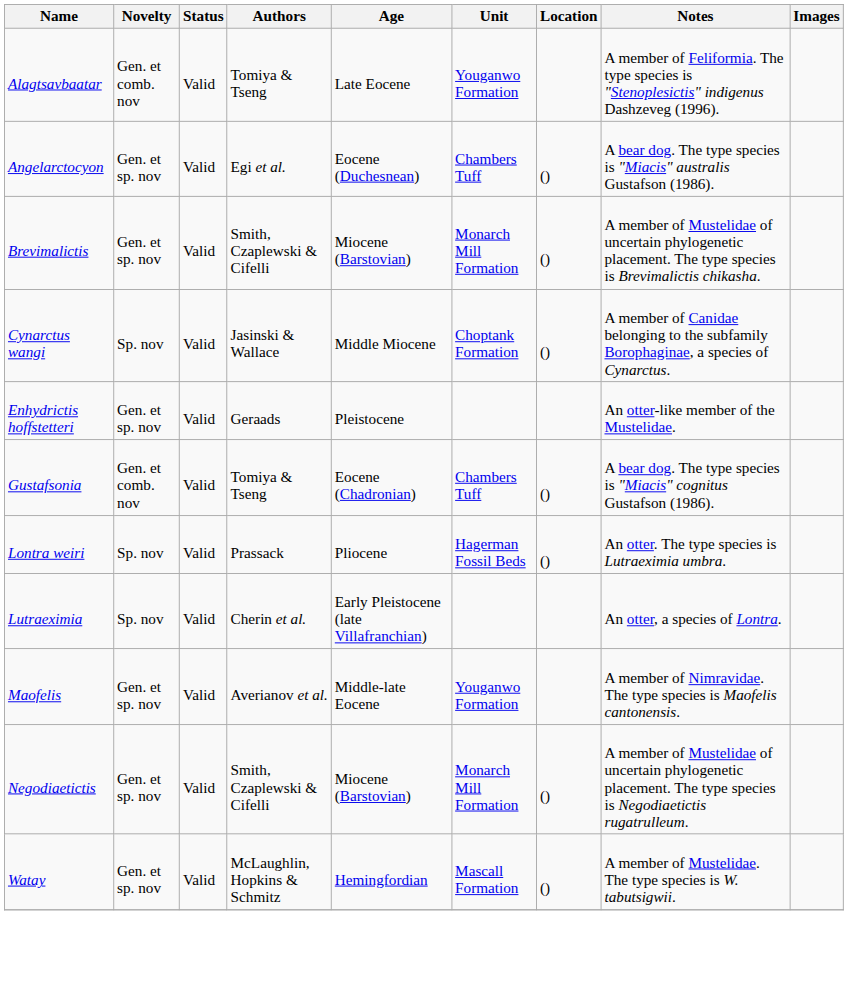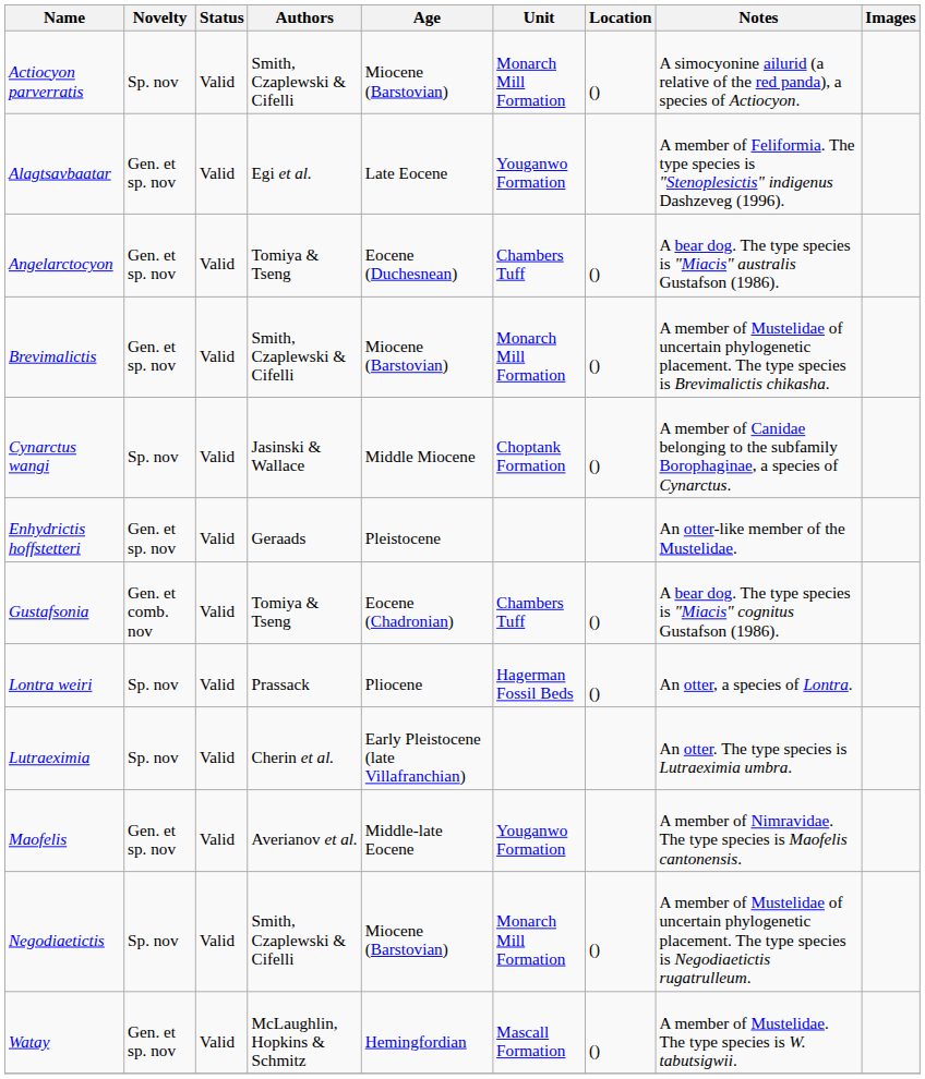 <table class="wikitable sortable" align="center" width="100%">
 <tr>
 <th>Name</th>
 <th>Novelty</th>
 <th>Status</th>
 <th>Authors</th>
 <th>Age</th>
 <th>Unit</th>
 <th>Location</th>
 <th>Notes</th>
 <th>Images</th>
 </tr>
 <tr>
+<td><br><em><a href='#'>Actiocyon parverratis</a></em></td>
+<td><br>Sp. nov</td>
+<td><br>Valid</td>
+<td><br>Smith, Czaplewski & Cifelli</td>
+<td><br>Miocene (<a href='#'>Barstovian</a>)</td>
+<td><br><a href='#'>Monarch Mill Formation</a></td>
+<td><br><br>()</td>
+<td><br>A simocyonine <a href='#'>ailurid</a> (a relative of the <a href='#'>red panda</a>), a species of <em>Actiocyon</em>.</td>
+<td></td>
+</tr>
+<tr>
 <td><br><em><a href='#'>Alagtsavbaatar</a></em></td>
-<td><br>Gen. et comb. nov</td>
+<td><br>Gen. et sp. nov</td>
 <td><br>Valid</td>
-<td><br>Tomiya & Tseng</td>
+<td><br>Egi <em>et al.</em></td>
 <td><br>Late Eocene</td>
 <td><br><a href='#'>Youganwo Formation</a></td>
 <td><br></td>
 <td><br>A member of <a href='#'>Feliformia</a>. The type species is <em>"<a href='#'>Stenoplesictis</a>" indigenus</em> Dashzeveg (1996).</td>
 <td></td>
 </tr>
 <tr>
 <td><br><em><a href='#'>Angelarctocyon</a></em></td>
 <td><br>Gen. et sp. nov</td>
 <td><br>Valid</td>
-<td><br>Egi <em>et al.</em></td>
+<td><br>Tomiya & Tseng</td>
 <td><br>Eocene (<a href='#'>Duchesnean</a>)</td>
 <td><br><a href='#'>Chambers Tuff</a></td>
 <td><br><br>()</td>
 <td><br>A <a href='#'>bear dog</a>. The type species is <em>"<a href='#'>Miacis</a>" australis</em> Gustafson (1986).</td>
 <td></td>
 </tr>
 <tr>
 <td><br><em><a href='#'>Brevimalictis</a></em></td>
 <td><br>Gen. et sp. nov</td>
 <td><br>Valid</td>
 <td><br>Smith, Czaplewski & Cifelli</td>
 <td><br>Miocene (<a href='#'>Barstovian</a>)</td>
 <td><br><a href='#'>Monarch Mill Formation</a></td>
 <td><br><br>()</td>
 <td><br>A member of <a href='#'>Mustelidae</a> of uncertain phylogenetic placement. The type species is <em>Brevimalictis chikasha</em>.</td>
 <td></td>
 </tr>
 <tr>
 <td><br><em><a href='#'>Cynarctus wangi</a></em></td>
 <td><br>Sp. nov</td>
 <td><br>Valid</td>
 <td><br>Jasinski & Wallace</td>
 <td><br>Middle Miocene</td>
 <td><br><a href='#'>Choptank Formation</a></td>
 <td><br><br>()</td>
 <td><br>A member of <a href='#'>Canidae</a> belonging to the subfamily <a href='#'>Borophaginae</a>, a species of <em>Cynarctus</em>.</td>
 <td></td>
 </tr>
 <tr>
 <td><br><em><a href='#'>Enhydrictis hoffstetteri</a></em></td>
 <td><br>Gen. et sp. nov</td>
 <td><br>Valid</td>
 <td><br>Geraads</td>
 <td><br>Pleistocene</td>
 <td></td>
 <td><br></td>
 <td><br>An <a href='#'>otter</a>-like member of the <a href='#'>Mustelidae</a>.</td>
 <td></td>
 </tr>
 <tr>
 <td><br><em><a href='#'>Gustafsonia</a></em></td>
 <td><br>Gen. et comb. nov</td>
 <td><br>Valid</td>
 <td><br>Tomiya & Tseng</td>
 <td><br>Eocene (<a href='#'>Chadronian</a>)</td>
 <td><br><a href='#'>Chambers Tuff</a></td>
 <td><br><br>()</td>
 <td><br>A <a href='#'>bear dog</a>. The type species is <em>"<a href='#'>Miacis</a>" cognitus</em> Gustafson (1986).</td>
 <td></td>
 </tr>
 <tr>
 <td><br><em><a href='#'>Lontra weiri</a></em></td>
 <td><br>Sp. nov</td>
 <td><br>Valid</td>
 <td><br>Prassack</td>
 <td><br>Pliocene</td>
 <td><br><a href='#'>Hagerman Fossil Beds</a></td>
 <td><br><br>()</td>
-<td><br>An <a href='#'>otter</a>. The type species is <em>Lutraeximia umbra</em>.</td>
+<td><br>An <a href='#'>otter</a>, a species of <em><a href='#'>Lontra</a></em>.</td>
 <td></td>
 </tr>
 <tr>
 <td><br><em><a href='#'>Lutraeximia</a></em></td>
 <td><br>Sp. nov</td>
 <td><br>Valid</td>
 <td><br>Cherin <em>et al.</em></td>
 <td><br>Early Pleistocene (late <a href='#'>Villafranchian</a>)</td>
 <td></td>
 <td><br><br> </td>
-<td><br>An <a href='#'>otter</a>, a species of <em><a href='#'>Lontra</a></em>.</td>
+<td><br>An <a href='#'>otter</a>. The type species is <em>Lutraeximia umbra</em>.</td>
 <td></td>
 </tr>
 <tr>
 <td><br><em><a href='#'>Maofelis</a></em></td>
 <td><br>Gen. et sp. nov</td>
 <td><br>Valid</td>
 <td><br>Averianov <em>et al.</em></td>
 <td><br>Middle-late Eocene</td>
 <td><br><a href='#'>Youganwo Formation</a></td>
 <td><br></td>
 <td><br>A member of <a href='#'>Nimravidae</a>. The type species is <em>Maofelis cantonensis</em>.</td>
 <td></td>
 </tr>
 <tr>
 <td><br><em><a href='#'>Negodiaetictis</a></em></td>
-<td><br>Gen. et sp. nov</td>
+<td><br>Sp. nov</td>
 <td><br>Valid</td>
 <td><br>Smith, Czaplewski & Cifelli</td>
 <td><br>Miocene (<a href='#'>Barstovian</a>)</td>
 <td><br><a href='#'>Monarch Mill Formation</a></td>
 <td><br><br>()</td>
 <td><br>A member of <a href='#'>Mustelidae</a> of uncertain phylogenetic placement. The type species is <em>Negodiaetictis rugatrulleum</em>.</td>
 <td></td>
 </tr>
 <tr>
 <td><br><em><a href='#'>Watay</a></em></td>
 <td><br>Gen. et sp. nov</td>
 <td><br>Valid</td>
 <td><br>McLaughlin, Hopkins & Schmitz</td>
 <td><br><a href='#'>Hemingfordian</a></td>
 <td><br><a href='#'>Mascall Formation</a></td>
 <td><br><br>()</td>
 <td><br>A member of <a href='#'>Mustelidae</a>. The type species is <em>W. tabutsigwii</em>.</td>
 <td></td>
 </tr>
 <tr>
 </tr>
 </table>
